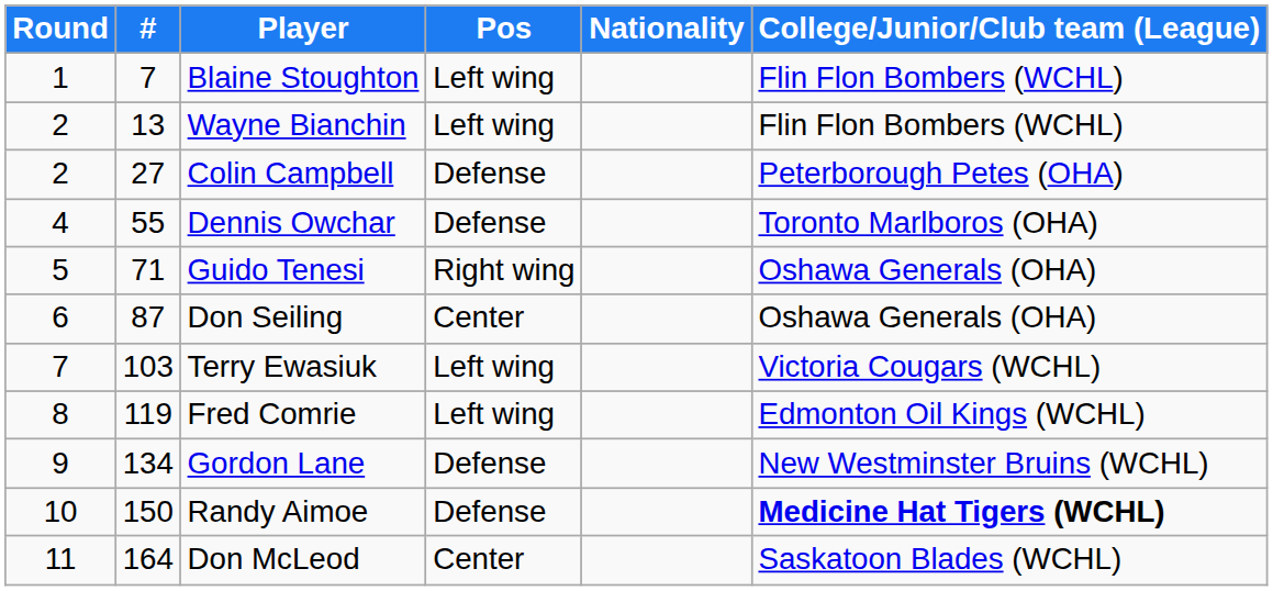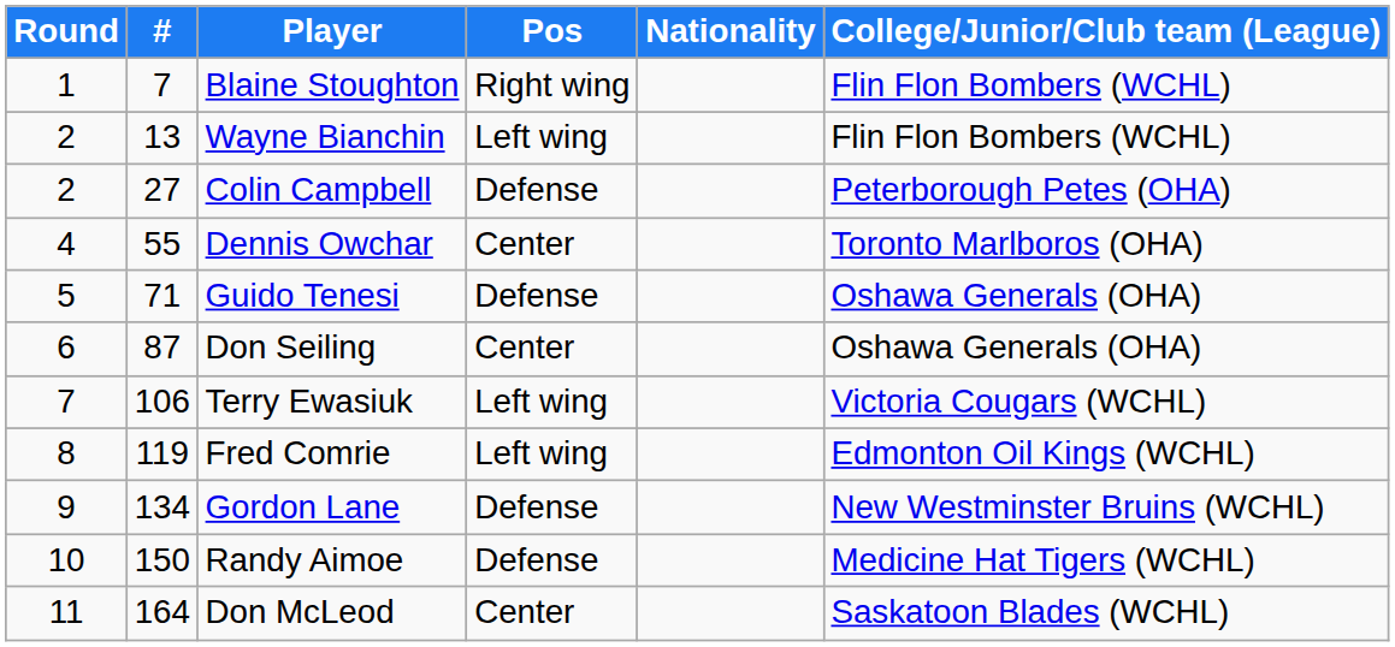 <table class="wikitable">
 <tr>
 <th style="color:white; background:#1D7CF2; ">Round</th>
 <th style="color:white; background:#1D7CF2; ">#</th>
 <th style="color:white; background:#1D7CF2; ">Player</th>
 <th style="color:white; background:#1D7CF2; ">Pos</th>
 <th style="color:white; background:#1D7CF2; ">Nationality</th>
 <th style="color:white; background:#1D7CF2; ">College/Junior/Club team (League)</th>
 </tr>
 <tr>
 <td style="text-align:center">1</td>
 <td style="text-align:center">7</td>
 <td><a href='#'>Blaine Stoughton</a></td>
-<td>Left wing</td>
+<td>Right wing</td>
 <td></td>
 <td><a href='#'>Flin Flon Bombers</a> (<a href='#'>WCHL</a>)</td>
 </tr>
 <tr>
 <td style="text-align:center">2</td>
 <td style="text-align:center">13</td>
 <td><a href='#'>Wayne Bianchin</a></td>
 <td>Left wing</td>
 <td></td>
 <td>Flin Flon Bombers (WCHL)</td>
 </tr>
 <tr>
 <td style="text-align:center">2</td>
 <td style="text-align:center">27</td>
 <td><a href='#'>Colin Campbell</a></td>
 <td>Defense</td>
 <td></td>
 <td><a href='#'>Peterborough Petes</a> (<a href='#'>OHA</a>)</td>
 </tr>
 <tr>
 <td style="text-align:center">4</td>
 <td style="text-align:center">55</td>
 <td><a href='#'>Dennis Owchar</a></td>
-<td>Defense</td>
+<td>Center</td>
 <td></td>
 <td><a href='#'>Toronto Marlboros</a> (OHA)</td>
 </tr>
 <tr>
 <td style="text-align:center">5</td>
 <td style="text-align:center">71</td>
 <td><a href='#'>Guido Tenesi</a></td>
-<td>Right wing</td>
+<td>Defense</td>
 <td></td>
 <td><a href='#'>Oshawa Generals</a> (OHA)</td>
 </tr>
 <tr>
 <td style="text-align:center">6</td>
 <td style="text-align:center">87</td>
 <td>Don Seiling</td>
 <td>Center</td>
 <td></td>
 <td>Oshawa Generals (OHA)</td>
 </tr>
 <tr>
 <td style="text-align:center">7</td>
-<td style="text-align:center">103</td>
+<td style="text-align:center">106</td>
 <td>Terry Ewasiuk</td>
 <td>Left wing</td>
 <td></td>
 <td><a href='#'>Victoria Cougars</a> (WCHL)</td>
 </tr>
 <tr>
 <td style="text-align:center">8</td>
 <td style="text-align:center">119</td>
 <td>Fred Comrie</td>
 <td>Left wing</td>
 <td></td>
 <td><a href='#'>Edmonton Oil Kings</a> (WCHL)</td>
 </tr>
 <tr>
 <td style="text-align:center">9</td>
 <td style="text-align:center">134</td>
 <td><a href='#'>Gordon Lane</a></td>
 <td>Defense</td>
 <td></td>
 <td><a href='#'>New Westminster Bruins</a> (WCHL)</td>
 </tr>
 <tr>
 <td style="text-align:center">10</td>
 <td style="text-align:center">150</td>
 <td>Randy Aimoe</td>
 <td>Defense</td>
 <td></td>
-<td><strong><a href='#'>Medicine Hat Tigers</a> (WCHL)</strong></td>
+<td><a href='#'>Medicine Hat Tigers</a> (WCHL)</td>
 </tr>
 <tr>
 <td style="text-align:center">11</td>
 <td style="text-align:center">164</td>
 <td>Don McLeod</td>
 <td>Center</td>
 <td></td>
 <td><a href='#'>Saskatoon Blades</a> (WCHL)</td>
 </tr>
 </table>
